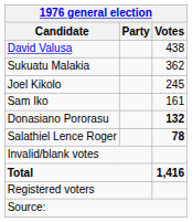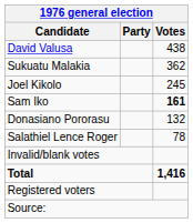 <table class=wikitable style=text-align:left>
 <tr>
 <th colspan=3><a href='#'>1976 general election</a></th>
 </tr>
 <tr>
 <th>Candidate</th>
 <th>Party</th>
 <th>Votes</th>
 </tr>
 <tr>
 <td><a href='#'>David Valusa</a></td>
 <td></td>
 <td align=right>438</td>
 </tr>
 <tr>
 <td>Sukuatu Malakia</td>
 <td></td>
 <td align=right>362</td>
 </tr>
 <tr>
 <td>Joel Kikolo</td>
 <td></td>
 <td align=right>245</td>
 </tr>
 <tr>
 <td>Sam Iko</td>
 <td></td>
-<td align=right>161</td>
+<td align=right><strong>161</strong></td>
 </tr>
 <tr>
 <td>Donasiano Pororasu</td>
 <td></td>
-<td align=right><strong>132</strong></td>
+<td align=right>132</td>
 </tr>
 <tr>
 <td>Salathiel Lence Roger</td>
 <td></td>
-<td align=right><strong>78</strong></td>
+<td align=right>78</td>
 </tr>
 <tr>
 <td colspan=2>Invalid/blank votes</td>
 <td></td>
 </tr>
 <tr>
 <td colspan=2><strong>Total</strong></td>
 <td align=right><strong>1,416</strong></td>
 </tr>
 <tr>
 <td colspan=2>Registered voters</td>
 <td align=right></td>
 </tr>
 <tr>
 <td colspan=3>Source: </td>
 </tr>
 </table>
